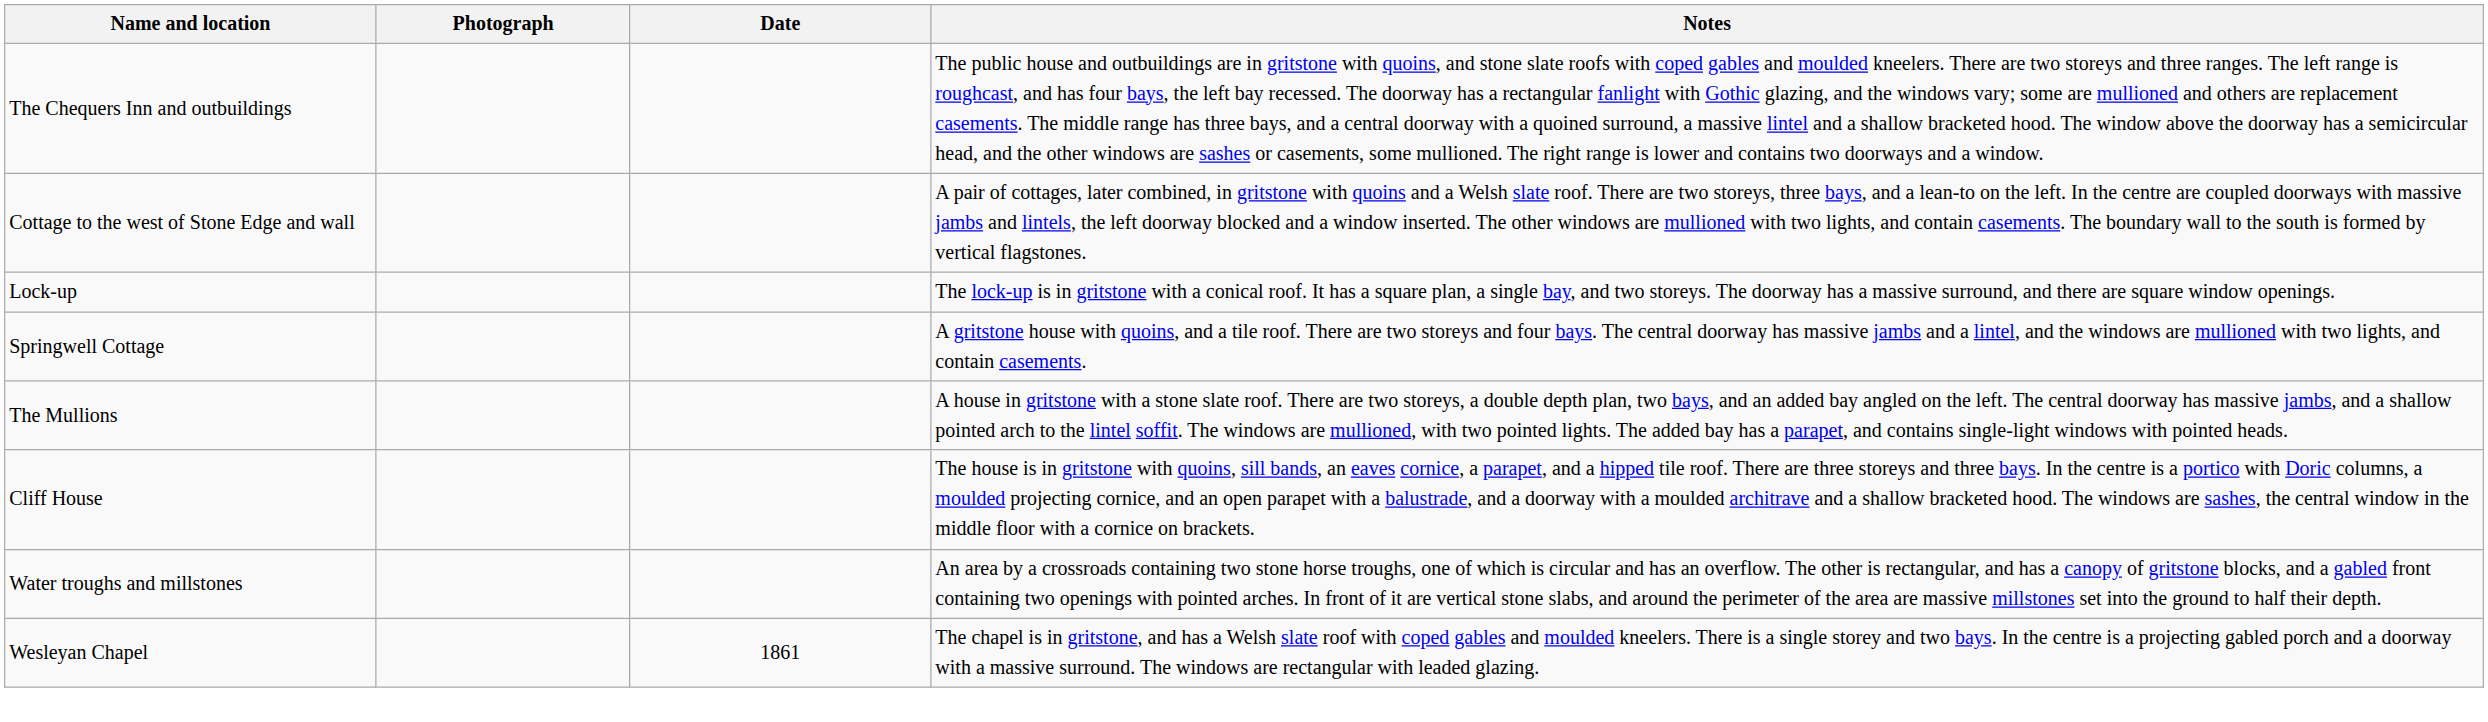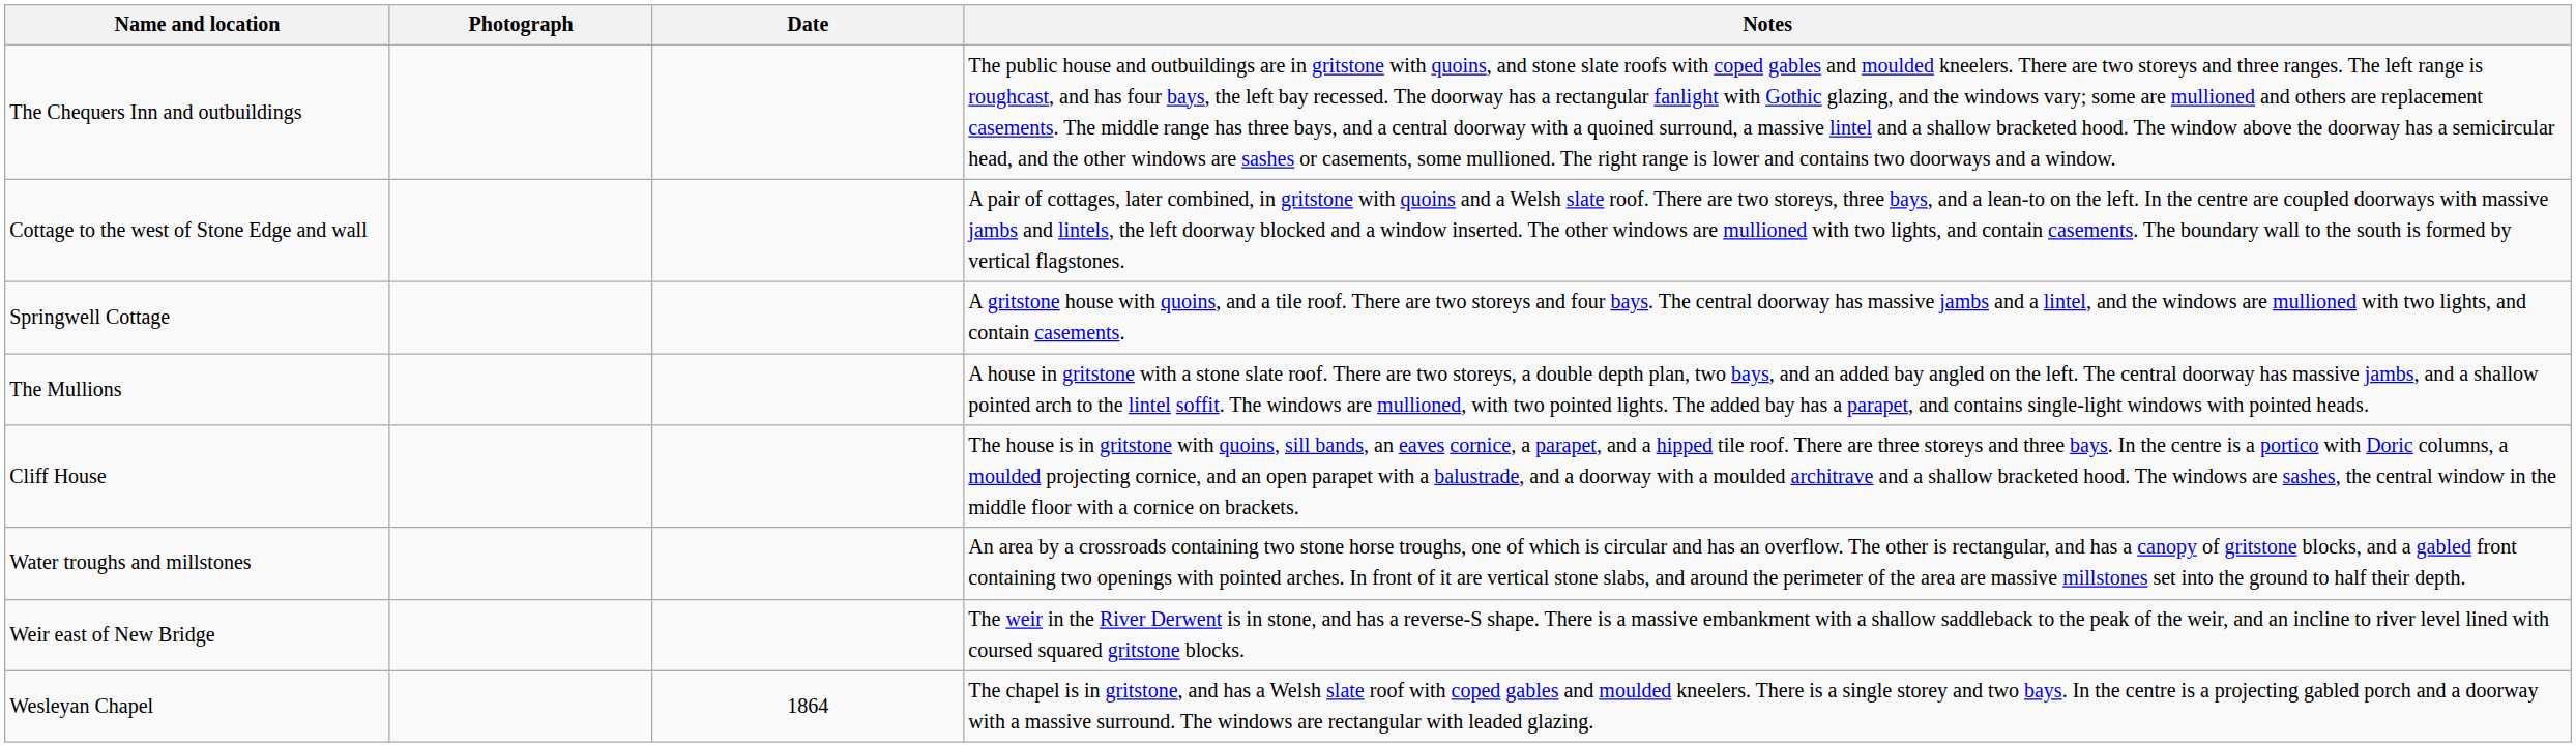 <table class="wikitable sortable plainrowheaders" style="width:100%;border:0px;text-align:left;line-height:150%;">
 <tr>
 <th scope="col"  style="width:150px">Name and location</th>
 <th scope="col"  style="width:100px" class="unsortable">Photograph</th>
 <th scope="col"  style="width:120px">Date</th>
 <th scope="col"  style="width:650px" class="unsortable">Notes</th>
 </tr>
 <tr>
 <td>The Chequers Inn and outbuildings<br><small></small></td>
 <td></td>
 <td align="center"></td>
 <td>The public house and outbuildings are in <a href='#'>gritstone</a> with <a href='#'>quoins</a>, and stone slate roofs with <a href='#'>coped</a> <a href='#'>gables</a> and <a href='#'>moulded</a> kneelers.  There are two storeys and three ranges.  The left range is <a href='#'>roughcast</a>, and has four <a href='#'>bays</a>, the left bay recessed.  The doorway has a rectangular <a href='#'>fanlight</a> with <a href='#'>Gothic</a> glazing, and the windows vary; some are <a href='#'>mullioned</a> and others are replacement <a href='#'>casements</a>.  The middle range has three bays, and a central doorway with a quoined surround, a massive <a href='#'>lintel</a> and a shallow bracketed hood.  The window above the doorway has a semicircular head, and the other windows are <a href='#'>sashes</a> or casements, some mullioned.  The right range is lower and contains two doorways and a window.</td>
 </tr>
 <tr>
 <td>Cottage to the west of Stone Edge and wall<br><small></small></td>
 <td></td>
 <td align="center"></td>
 <td>A pair of cottages, later combined, in <a href='#'>gritstone</a> with <a href='#'>quoins</a> and a Welsh <a href='#'>slate</a> roof.  There are two storeys, three <a href='#'>bays</a>, and a lean-to on the left.  In the centre are coupled doorways with massive <a href='#'>jambs</a> and <a href='#'>lintels</a>, the left doorway blocked and a window inserted.  The other windows are <a href='#'>mullioned</a> with two lights, and contain <a href='#'>casements</a>.  The boundary wall to the south is formed by vertical flagstones.</td>
-</tr>
-<tr>
-<td>Lock-up<br><small></small></td>
-<td></td>
-<td align="center"></td>
-<td>The <a href='#'>lock-up</a> is in <a href='#'>gritstone</a> with a conical roof.  It has a square plan, a single <a href='#'>bay</a>, and two storeys.  The doorway has a massive surround, and there are square window openings.</td>
 </tr>
 <tr>
 <td>Springwell Cottage<br><small></small></td>
 <td></td>
 <td align="center"></td>
 <td>A <a href='#'>gritstone</a> house with <a href='#'>quoins</a>, and a tile roof.  There are two storeys and four <a href='#'>bays</a>.  The central doorway has massive <a href='#'>jambs</a> and a <a href='#'>lintel</a>, and the windows are <a href='#'>mullioned</a> with two lights, and contain <a href='#'>casements</a>.</td>
 </tr>
 <tr>
 <td>The Mullions<br><small></small></td>
 <td></td>
 <td align="center"></td>
 <td>A house in <a href='#'>gritstone</a> with a stone slate roof.  There are two storeys, a double depth plan, two <a href='#'>bays</a>, and an added bay angled on the left.  The central doorway has massive <a href='#'>jambs</a>, and a shallow pointed arch to the <a href='#'>lintel</a> <a href='#'>soffit</a>.  The windows are <a href='#'>mullioned</a>, with two pointed lights.  The added bay has a <a href='#'>parapet</a>, and contains single-light windows with pointed heads.</td>
 </tr>
 <tr>
 <td>Cliff House<br><small></small></td>
 <td></td>
 <td align="center"></td>
 <td>The house is in <a href='#'>gritstone</a> with <a href='#'>quoins</a>, <a href='#'>sill bands</a>, an <a href='#'>eaves</a> <a href='#'>cornice</a>, a <a href='#'>parapet</a>, and a <a href='#'>hipped</a> tile roof.  There are three storeys and three <a href='#'>bays</a>.  In the centre is a <a href='#'>portico</a> with <a href='#'>Doric</a> columns, a <a href='#'>moulded</a> projecting cornice, and an open parapet with a <a href='#'>balustrade</a>, and a doorway with a moulded <a href='#'>architrave</a> and a shallow bracketed hood.  The windows are <a href='#'>sashes</a>, the central window in the middle floor with a cornice on brackets.</td>
 </tr>
 <tr>
 <td>Water troughs and millstones<br><small></small></td>
 <td></td>
 <td align="center"></td>
 <td>An area by a crossroads containing two stone horse troughs, one of which is circular and has an overflow.  The other is rectangular, and has a <a href='#'>canopy</a> of <a href='#'>gritstone</a> blocks, and a <a href='#'>gabled</a> front containing two openings with pointed arches.  In front of it are vertical stone slabs, and around the perimeter of the area are massive <a href='#'>millstones</a> set into the ground to half their depth.</td>
 </tr>
 <tr>
+<td>Weir east of New Bridge<br><small></small></td>
+<td></td>
+<td align="center"></td>
+<td>The <a href='#'>weir</a> in the <a href='#'>River Derwent</a> is in stone, and has a reverse-S shape.  There is a massive embankment with a shallow saddleback to the peak of the weir, and an incline to river level lined with coursed squared <a href='#'>gritstone</a> blocks.</td>
+</tr>
+<tr>
 <td>Wesleyan Chapel<br><small></small></td>
 <td></td>
-<td align="center">1861</td>
+<td align="center">1864</td>
 <td>The chapel is in <a href='#'>gritstone</a>, and has a Welsh <a href='#'>slate</a> roof with <a href='#'>coped</a> <a href='#'>gables</a> and <a href='#'>moulded</a> kneelers.  There is a single storey and two <a href='#'>bays</a>.  In the centre is a projecting gabled porch and a doorway with a massive surround.  The windows are rectangular with leaded glazing.</td>
 </tr>
 <tr>
 </tr>
 </table>
